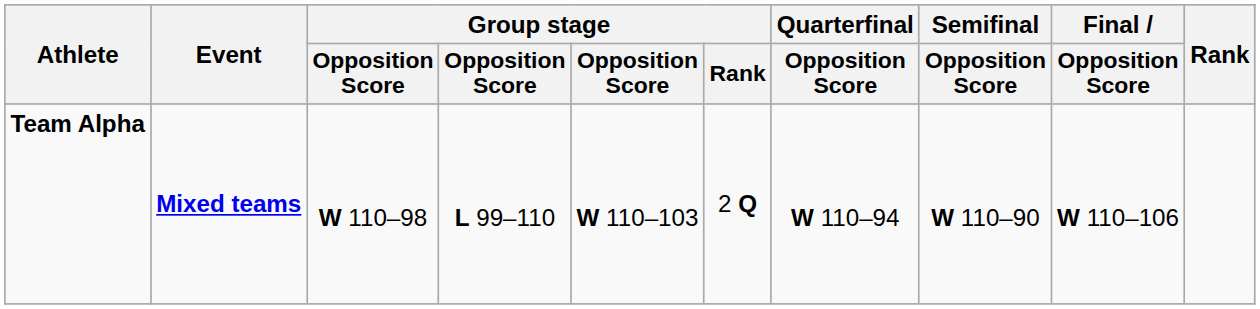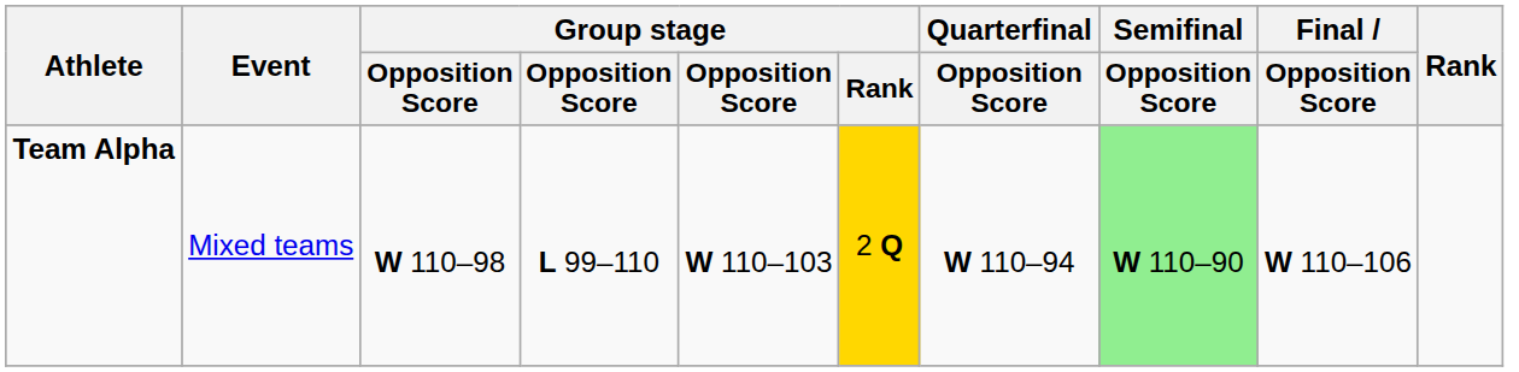 <table class="wikitable" style="font-size:90%">
 <tr>
 <th rowspan=2>Athlete</th>
 <th rowspan=2>Event</th>
 <th colspan=4>Group stage</th>
 <th>Quarterfinal</th>
 <th>Semifinal</th>
 <th>Final / </th>
 <th rowspan=2>Rank</th>
 </tr>
 <tr style="font-size:95%">
 <th>Opposition<br>Score</th>
 <th>Opposition<br>Score</th>
 <th>Opposition<br>Score</th>
 <th>Rank</th>
 <th>Opposition<br>Score</th>
 <th>Opposition<br>Score</th>
 <th>Opposition<br>Score</th>
 </tr>
 <tr align=center>
 <td align=left><strong>Team Alpha</strong><br><br><br><br><br><br><br></td>
-<td align=left><strong><a href='#'>Mixed teams</a></strong></td>
+<td align=left><a href='#'>Mixed teams</a></td>
 <td><br><strong>W</strong> 110–98</td>
 <td><br><strong>L</strong> 99–110</td>
 <td><br><strong>W</strong> 110–103</td>
-<td>2 <strong>Q</strong></td>
+<td style="background: gold;">2 <strong>Q</strong></td>
 <td><br><strong>W</strong> 110–94</td>
-<td><br><strong>W</strong> 110–90</td>
+<td style="background: lightgreen;"><br><strong>W</strong> 110–90</td>
 <td><br><strong>W</strong> 110–106</td>
 <td></td>
 </tr>
 </table>
